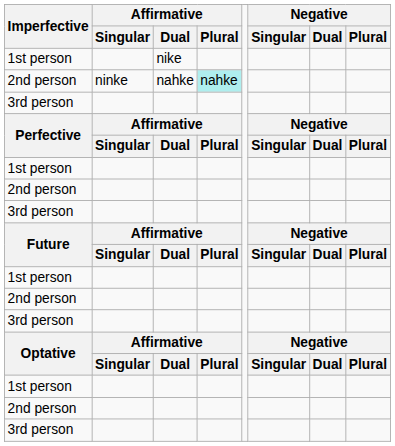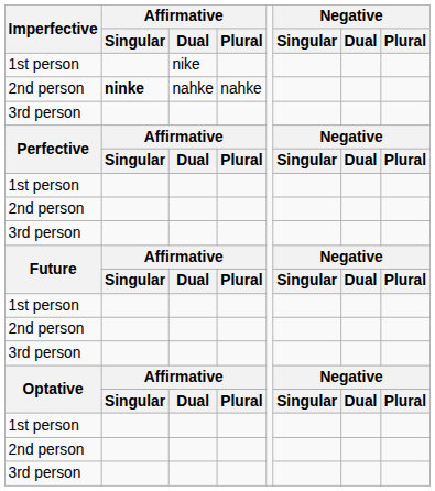 <table class="wikitable">
 <tr>
 <th rowspan="2">Imperfective</th>
 <th colspan="3">Affirmative</th>
 <td rowspan="20"></td>
 <th colspan="3">Negative</th>
 </tr>
 <tr>
 <th>Singular</th>
 <th>Dual</th>
 <th>Plural</th>
 <th>Singular</th>
 <th>Dual</th>
 <th>Plural</th>
 </tr>
 <tr>
 <td>1st person</td>
 <td></td>
 <td>nike</td>
 <td></td>
 <td></td>
 <td></td>
 <td></td>
 </tr>
 <tr>
 <td>2nd person</td>
-<td>ninke</td>
+<td><strong>ninke</strong></td>
 <td>nahke</td>
-<td style="background: paleturquoise;">nahke</td>
+<td>nahke</td>
 <td></td>
 <td></td>
 <td></td>
 </tr>
 <tr>
 <td>3rd person</td>
 <td></td>
 <td></td>
 <td></td>
 <td></td>
 <td></td>
 <td></td>
 </tr>
 <tr>
 <th rowspan="2">Perfective</th>
 <th colspan="3">Affirmative</th>
 <th colspan="3">Negative</th>
 </tr>
 <tr>
 <th>Singular</th>
 <th>Dual</th>
 <th>Plural</th>
 <th>Singular</th>
 <th>Dual</th>
 <th>Plural</th>
 </tr>
 <tr>
 <td>1st person</td>
 <td></td>
 <td></td>
 <td></td>
 <td></td>
 <td></td>
 <td></td>
 </tr>
 <tr>
 <td>2nd person</td>
 <td></td>
 <td></td>
 <td></td>
 <td></td>
 <td></td>
 <td></td>
 </tr>
 <tr>
 <td>3rd person</td>
 <td></td>
 <td></td>
 <td></td>
 <td></td>
 <td></td>
 <td></td>
 </tr>
 <tr>
 <th rowspan="2">Future</th>
 <th colspan="3">Affirmative</th>
 <th colspan="3">Negative</th>
 </tr>
 <tr>
 <th>Singular</th>
 <th>Dual</th>
 <th>Plural</th>
 <th>Singular</th>
 <th>Dual</th>
 <th>Plural</th>
 </tr>
 <tr>
 <td>1st person</td>
 <td></td>
 <td></td>
 <td></td>
 <td></td>
 <td></td>
 <td></td>
 </tr>
 <tr>
 <td>2nd person</td>
 <td></td>
 <td></td>
 <td></td>
 <td></td>
 <td></td>
 <td></td>
 </tr>
 <tr>
 <td>3rd person</td>
 <td></td>
 <td></td>
 <td></td>
 <td></td>
 <td></td>
 <td></td>
 </tr>
 <tr>
 <th rowspan="2">Optative</th>
 <th colspan="3">Affirmative</th>
 <th colspan="3">Negative</th>
 </tr>
 <tr>
 <th>Singular</th>
 <th>Dual</th>
 <th>Plural</th>
 <th>Singular</th>
 <th>Dual</th>
 <th>Plural</th>
 </tr>
 <tr>
 <td>1st person</td>
 <td></td>
 <td></td>
 <td></td>
 <td></td>
 <td></td>
 <td></td>
 </tr>
 <tr>
 <td>2nd person</td>
 <td></td>
 <td></td>
 <td></td>
 <td></td>
 <td></td>
 <td></td>
 </tr>
 <tr>
 <td>3rd person</td>
 <td></td>
 <td></td>
 <td></td>
 <td></td>
 <td></td>
 <td></td>
 </tr>
 </table>
